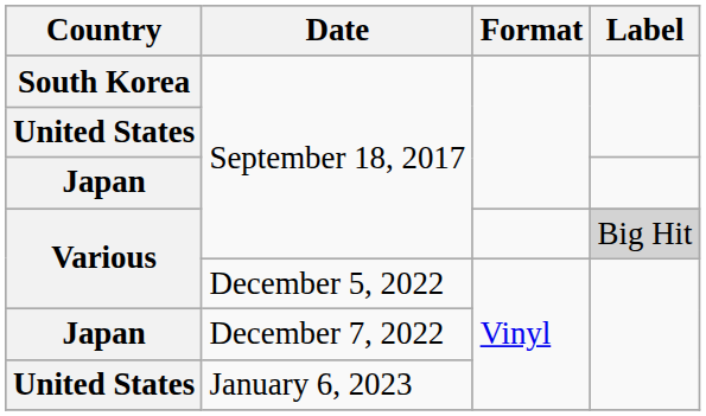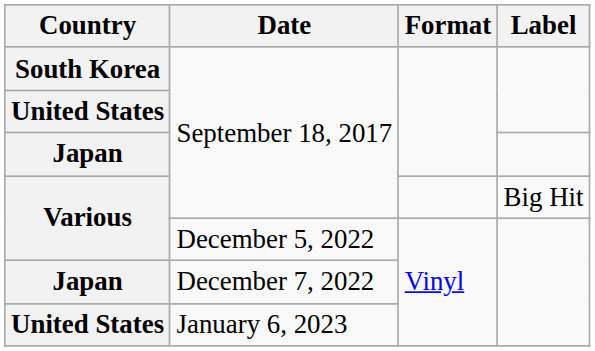 <table class="wikitable plainrowheaders">
 <tr>
 <th>Country</th>
 <th>Date</th>
 <th>Format</th>
 <th>Label</th>
 </tr>
 <tr>
 <th scope="row">South Korea</th>
 <td rowspan="4">September 18, 2017</td>
 <td rowspan="3"></td>
 <td rowspan="2"></td>
 </tr>
 <tr>
 <th scope="row">United States</th>
 </tr>
 <tr>
 <th scope="row">Japan</th>
 <td></td>
 </tr>
 <tr>
 <th rowspan="2" scope="row">Various</th>
 <td></td>
-<td style="background: lightgrey;">Big Hit</td>
+<td>Big Hit</td>
 </tr>
 <tr>
 <td>December 5, 2022</td>
 <td rowspan="3"><a href='#'>Vinyl</a></td>
 <td rowspan="3"></td>
 </tr>
 <tr>
 <th scope="row">Japan</th>
 <td>December 7, 2022</td>
 </tr>
 <tr>
 <th scope="row">United States</th>
 <td>January 6, 2023</td>
 </tr>
 </table>
